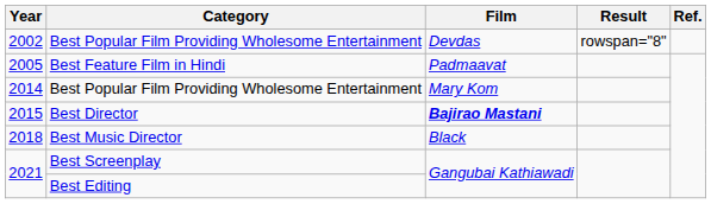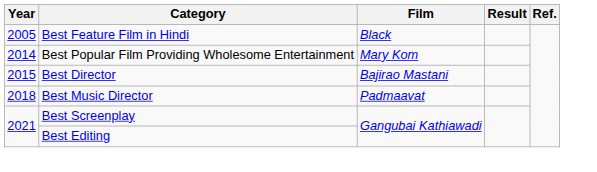 <table class="wikitable plainrowheaders sortable">
 <tr>
 <th>Year</th>
 <th>Category</th>
 <th>Film</th>
 <th>Result</th>
 <th>Ref.</th>
 </tr>
 <tr>
-<td><a href='#'>2002</a></td>
-<td><a href='#'>Best Popular Film Providing Wholesome Entertainment</a></td>
-<td><em><a href='#'>Devdas</a></em></td>
-<td>rowspan="8" </td>
-<td></td>
-</tr>
-<tr>
 <td><a href='#'>2005</a></td>
 <td><a href='#'>Best Feature Film in Hindi</a></td>
-<td><em><a href='#'>Padmaavat</a></em></td>
+<td><em><a href='#'>Black</a></em></td>
 <td></td>
 </tr>
 <tr>
 <td><a href='#'>2014</a></td>
 <td>Best Popular Film Providing Wholesome Entertainment</td>
 <td><em><a href='#'>Mary Kom</a></em></td>
 <td></td>
 </tr>
 <tr>
 <td><a href='#'>2015</a></td>
 <td><a href='#'>Best Director</a></td>
-<td><strong><em><a href='#'>Bajirao Mastani</a></em></strong></td>
+<td><em><a href='#'>Bajirao Mastani</a></em></td>
 <td></td>
 </tr>
 <tr>
 <td><a href='#'>2018</a></td>
 <td><a href='#'>Best Music Director</a></td>
-<td><em><a href='#'>Black</a></em></td>
+<td><em><a href='#'>Padmaavat</a></em></td>
 <td></td>
 </tr>
 <tr>
 <td rowspan="2"><a href='#'>2021</a></td>
 <td><a href='#'>Best Screenplay</a></td>
 <td rowspan="2"><em><a href='#'>Gangubai Kathiawadi</a></em></td>
 <td rowspan="2"></td>
 </tr>
 <tr>
 <td><a href='#'>Best Editing</a></td>
 </tr>
 </table>
